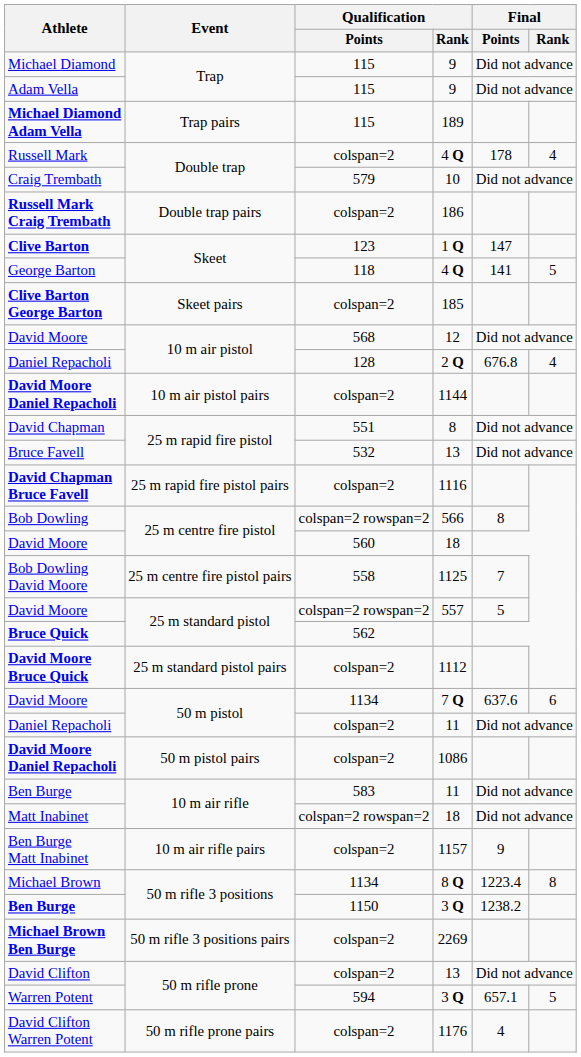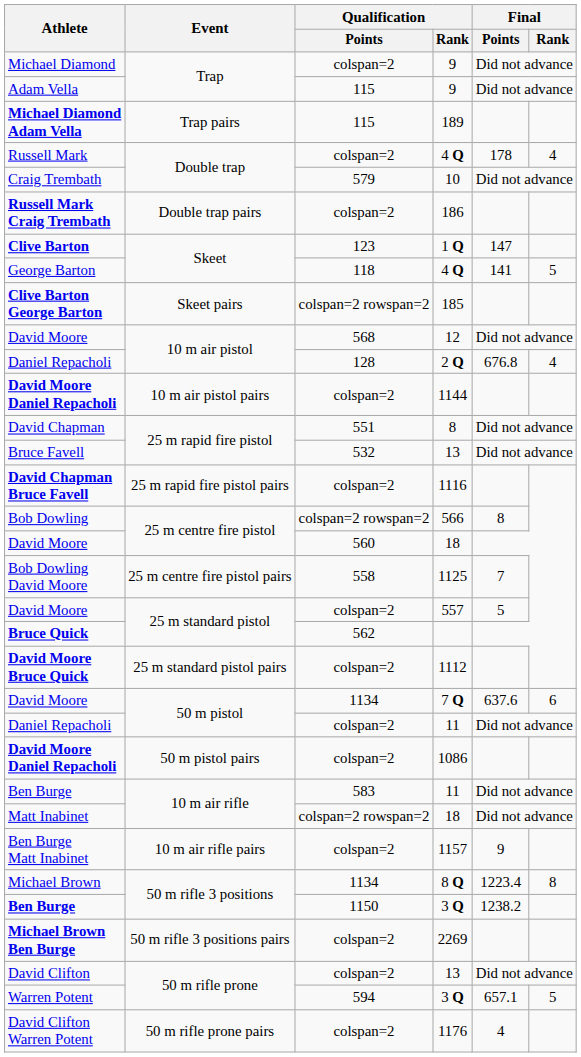 <table class="wikitable" style="font-size:90%;text-align:center">
 <tr>
 <th rowspan=2>Athlete</th>
 <th rowspan=2>Event</th>
 <th colspan=2>Qualification</th>
 <th colspan=2>Final</th>
 </tr>
 <tr style="font-size:95%">
 <th>Points</th>
 <th>Rank</th>
 <th>Points</th>
 <th>Rank</th>
 </tr>
 <tr>
 <td align=left><a href='#'>Michael Diamond</a></td>
 <td rowspan=2>Trap</td>
-<td>115</td>
+<td>colspan=2 </td>
 <td>9</td>
 <td colspan=2>Did not advance</td>
 </tr>
 <tr>
 <td align=left><a href='#'>Adam Vella</a></td>
 <td>115</td>
 <td>9</td>
 <td colspan=2>Did not advance</td>
 </tr>
 <tr>
 <td align=left><strong><a href='#'>Michael Diamond</a><br><a href='#'>Adam Vella</a></strong></td>
 <td>Trap pairs</td>
 <td>115</td>
 <td>189</td>
 <td></td>
 </tr>
 <tr>
 <td align=left><a href='#'>Russell Mark</a></td>
 <td rowspan=2>Double trap</td>
 <td>colspan=2 </td>
 <td>4 <strong>Q</strong></td>
 <td>178</td>
 <td>4</td>
 </tr>
 <tr>
 <td align=left><a href='#'>Craig Trembath</a></td>
 <td>579</td>
 <td>10</td>
 <td colspan=2>Did not advance</td>
 </tr>
 <tr>
 <td align=left><strong><a href='#'>Russell Mark</a><br><a href='#'>Craig Trembath</a></strong></td>
 <td>Double trap pairs</td>
 <td>colspan=2 </td>
 <td>186</td>
 <td></td>
 </tr>
 <tr>
 <td align=left><strong><a href='#'>Clive Barton</a></strong></td>
 <td rowspan=2>Skeet</td>
 <td>123</td>
 <td>1 <strong>Q</strong></td>
 <td>147</td>
 <td></td>
 </tr>
 <tr>
 <td align=left><a href='#'>George Barton</a></td>
 <td>118</td>
 <td>4 <strong>Q</strong></td>
 <td>141</td>
 <td>5</td>
 </tr>
 <tr>
 <td align=left><strong><a href='#'>Clive Barton</a><br><a href='#'>George Barton</a></strong></td>
 <td>Skeet pairs</td>
-<td>colspan=2 </td>
+<td>colspan=2 rowspan=2 </td>
 <td>185</td>
 <td></td>
 </tr>
 <tr>
 <td align=left><a href='#'>David Moore</a></td>
 <td rowspan=2>10 m air pistol</td>
 <td>568</td>
 <td>12</td>
 <td colspan=2>Did not advance</td>
 </tr>
 <tr>
 <td align=left><a href='#'>Daniel Repacholi</a></td>
 <td>128</td>
 <td>2 <strong>Q</strong></td>
 <td>676.8</td>
 <td>4</td>
 </tr>
 <tr>
 <td align=left><strong><a href='#'>David Moore</a><br><a href='#'>Daniel Repacholi</a></strong></td>
 <td>10 m air pistol pairs</td>
 <td>colspan=2 </td>
 <td>1144</td>
 <td></td>
 </tr>
 <tr>
 <td align=left><a href='#'>David Chapman</a></td>
 <td rowspan=2>25 m rapid fire pistol</td>
 <td>551</td>
 <td>8</td>
 <td colspan=2>Did not advance</td>
 </tr>
 <tr>
 <td align=left><a href='#'>Bruce Favell</a></td>
 <td>532</td>
 <td>13</td>
 <td colspan=2>Did not advance</td>
 </tr>
 <tr>
 <td align=left><strong><a href='#'>David Chapman</a><br><a href='#'>Bruce Favell</a></strong></td>
 <td>25 m rapid fire pistol pairs</td>
 <td>colspan=2 </td>
 <td>1116</td>
 <td></td>
 </tr>
 <tr>
 <td align=left><a href='#'>Bob Dowling</a></td>
 <td rowspan=2>25 m centre fire pistol</td>
 <td>colspan=2 rowspan=2 </td>
 <td>566</td>
 <td>8</td>
 </tr>
 <tr>
 <td align=left><a href='#'>David Moore</a></td>
 <td>560</td>
 <td>18</td>
 </tr>
 <tr>
 <td align=left><a href='#'>Bob Dowling</a><br><a href='#'>David Moore</a></td>
 <td>25 m centre fire pistol pairs</td>
 <td>558</td>
 <td>1125</td>
 <td>7</td>
 </tr>
 <tr>
 <td align=left><a href='#'>David Moore</a></td>
 <td rowspan=2>25 m standard pistol</td>
-<td>colspan=2 rowspan=2 </td>
+<td>colspan=2 </td>
 <td>557</td>
 <td>5</td>
 </tr>
 <tr>
 <td align=left><strong><a href='#'>Bruce Quick</a></strong></td>
 <td>562</td>
 <td></td>
 </tr>
 <tr>
 <td align=left><strong><a href='#'>David Moore</a><br><a href='#'>Bruce Quick</a></strong></td>
 <td>25 m standard pistol pairs</td>
 <td>colspan=2 </td>
 <td>1112</td>
 <td></td>
 </tr>
 <tr>
 <td align=left><a href='#'>David Moore</a></td>
 <td rowspan=2>50 m pistol</td>
 <td>1134</td>
 <td>7 <strong>Q</strong></td>
 <td>637.6</td>
 <td>6</td>
 </tr>
 <tr>
 <td align=left><a href='#'>Daniel Repacholi</a></td>
 <td>colspan=2 </td>
 <td>11</td>
 <td colspan=2>Did not advance</td>
 </tr>
 <tr>
 <td align=left><strong><a href='#'>David Moore</a><br><a href='#'>Daniel Repacholi</a></strong></td>
 <td>50 m pistol pairs</td>
 <td>colspan=2 </td>
 <td>1086</td>
 <td></td>
 </tr>
 <tr>
 <td align=left><a href='#'>Ben Burge</a></td>
 <td rowspan=2>10 m air rifle</td>
 <td>583</td>
 <td>11</td>
 <td colspan=2>Did not advance</td>
 </tr>
 <tr>
 <td align=left><a href='#'>Matt Inabinet</a></td>
 <td>colspan=2 rowspan=2 </td>
 <td>18</td>
 <td colspan=2>Did not advance</td>
 </tr>
 <tr>
 <td align=left><a href='#'>Ben Burge</a> <br> <a href='#'>Matt Inabinet</a></td>
 <td>10 m air rifle pairs</td>
 <td>colspan=2 </td>
 <td>1157</td>
 <td>9</td>
 </tr>
 <tr>
 <td align=left><a href='#'>Michael Brown</a></td>
 <td rowspan=2>50 m rifle 3 positions</td>
 <td>1134</td>
 <td>8 <strong>Q</strong></td>
 <td>1223.4</td>
 <td>8</td>
 </tr>
 <tr>
 <td align=left><strong><a href='#'>Ben Burge</a></strong></td>
 <td>1150</td>
 <td>3 <strong>Q</strong></td>
 <td>1238.2</td>
 <td></td>
 </tr>
 <tr>
 <td align=left><strong><a href='#'>Michael Brown</a><br><a href='#'>Ben Burge</a></strong></td>
 <td>50 m rifle 3 positions pairs</td>
 <td>colspan=2 </td>
 <td>2269</td>
 <td></td>
 </tr>
 <tr>
 <td align=left><a href='#'>David Clifton</a></td>
 <td rowspan=2>50 m rifle prone</td>
 <td>colspan=2 </td>
 <td>13</td>
 <td colspan=2>Did not advance</td>
 </tr>
 <tr>
 <td align=left><a href='#'>Warren Potent</a></td>
 <td>594</td>
 <td>3 <strong>Q</strong></td>
 <td>657.1</td>
 <td>5</td>
 </tr>
 <tr>
 <td align=left><a href='#'>David Clifton</a><br><a href='#'>Warren Potent</a></td>
 <td>50 m rifle prone pairs</td>
 <td>colspan=2 </td>
 <td>1176</td>
 <td>4</td>
 </tr>
 </table>
